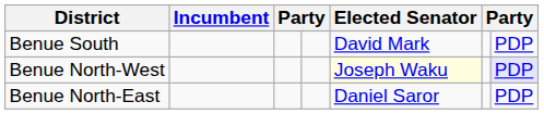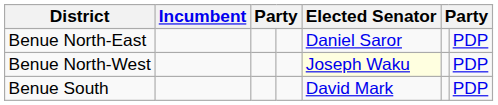 <table class="sortable wikitable" style="font-size:95%;line-height:14px;">
 <tr>
 <th class="unsortable">District</th>
 <th class="unsortable"><a href='#'>Incumbent</a></th>
 <th colspan="2">Party</th>
 <th class="unsortable">Elected Senator</th>
 <th colspan="2">Party</th>
+</tr>
+<tr>
+<td>Benue North-East</td>
+<td></td>
+<td></td>
+<td></td>
+<td><a href='#'>Daniel Saror</a></td>
+<td style="background:"></td>
+<td><a href='#'>PDP</a></td>
+</tr>
+<tr>
+<td>Benue North-West</td>
+<td></td>
+<td></td>
+<td></td>
+<td style="background: lightyellow;"><a href='#'>Joseph Waku</a></td>
+<td style="background:"></td>
+<td><a href='#'>PDP</a></td>
 </tr>
 <tr>
 <td>Benue South</td>
 <td></td>
 <td></td>
 <td></td>
 <td><a href='#'>David Mark</a></td>
 <td style="background:"></td>
 <td><a href='#'>PDP</a></td>
 </tr>
-<tr>
-<td>Benue North-West</td>
-<td></td>
-<td></td>
-<td></td>
-<td style="background: lightyellow;"><a href='#'>Joseph Waku</a></td>
-<td style="background:"></td>
-<td style="background: lavender;"><a href='#'>PDP</a></td>
-</tr>
-<tr>
-<td>Benue North-East</td>
-<td></td>
-<td></td>
-<td></td>
-<td><a href='#'>Daniel Saror</a></td>
-<td style="background:"></td>
-<td><a href='#'>PDP</a></td>
-</tr>
 </table>
